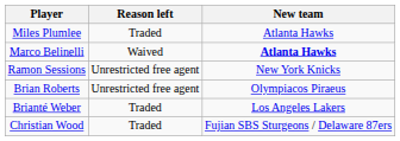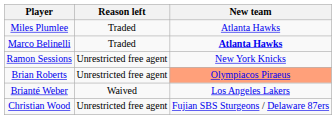 <table class="wikitable sortable sortable">
 <tr>
 <th>Player</th>
 <th>Reason left</th>
 <th>New team</th>
 </tr>
 <tr style="text-align: center">
 <td><a href='#'>Miles Plumlee</a></td>
 <td>Traded</td>
 <td><a href='#'>Atlanta Hawks</a></td>
 </tr>
 <tr style="text-align: center">
 <td><a href='#'>Marco Belinelli</a></td>
-<td>Waived</td>
+<td>Traded</td>
 <td><strong><a href='#'>Atlanta Hawks</a></strong></td>
 </tr>
 <tr style="text-align: center">
 <td><a href='#'>Ramon Sessions</a></td>
 <td>Unrestricted free agent</td>
 <td><a href='#'>New York Knicks</a></td>
 </tr>
 <tr style="text-align: center">
 <td><a href='#'>Brian Roberts</a></td>
 <td>Unrestricted free agent</td>
-<td> <a href='#'>Olympiacos Piraeus</a></td>
+<td style="background: lightsalmon;"> <a href='#'>Olympiacos Piraeus</a></td>
 </tr>
 <tr style="text-align: center">
 <td><a href='#'>Brianté Weber</a></td>
-<td>Traded</td>
+<td>Waived</td>
 <td><a href='#'>Los Angeles Lakers</a></td>
 </tr>
 <tr style="text-align: center">
 <td><a href='#'>Christian Wood</a></td>
-<td>Traded</td>
+<td>Unrestricted free agent</td>
 <td> <a href='#'>Fujian SBS Sturgeons</a> / <a href='#'>Delaware 87ers</a></td>
 </tr>
 </table>
